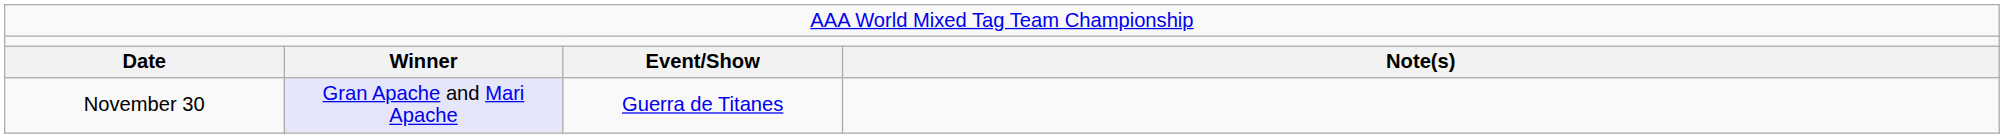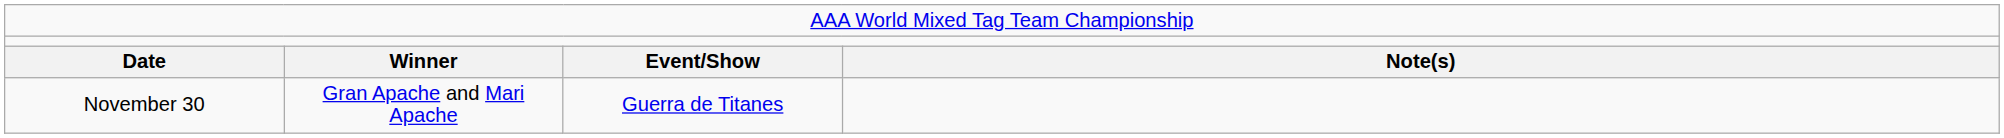 <table class="wikitable" style="text-align:center; width:100%;">
 <tr>
 <td colspan="5"><a href='#'>AAA World Mixed Tag Team Championship</a></td>
 </tr>
 <tr>
 <td colspan="5"><strong></strong></td>
 </tr>
 <tr>
 <th width="14%">Date</th>
 <th width="14%">Winner</th>
 <th width="14%">Event/Show</th>
 <th width="58%">Note(s)</th>
 </tr>
 <tr>
 <td>November 30</td>
-<td style="background: lavender;"><a href='#'>Gran Apache</a> and <a href='#'>Mari Apache</a></td>
+<td><a href='#'>Gran Apache</a> and <a href='#'>Mari Apache</a></td>
 <td><a href='#'>Guerra de Titanes</a></td>
 <td align="left"></td>
 </tr>
 </table>
